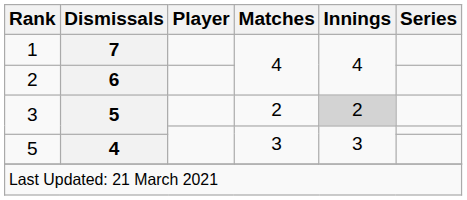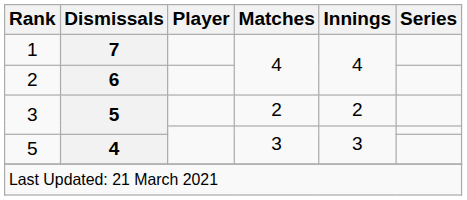 <table class="wikitable plainrowheaders sortable">
 <tr>
 <th scope=col>Rank</th>
 <th scope=col>Dismissals</th>
 <th scope=col>Player</th>
 <th scope=col>Matches</th>
 <th scope=col>Innings</th>
 <th scope=col>Series</th>
 </tr>
 <tr>
 <td align=center>1</td>
 <th scope=row style=text-align:center;>7</th>
 <td> </td>
 <td align=center rowspan=2>4</td>
 <td align=center rowspan=2>4</td>
 <td></td>
 </tr>
 <tr>
 <td align=center>2</td>
 <th scope=row style=text-align:center;>6</th>
 <td></td>
 <td></td>
 </tr>
 <tr>
 <td align=center rowspan=2>3</td>
 <th scope=row style=text-align:center; rowspan=2>5</th>
 <td></td>
 <td align=center>2</td>
-<td align=center style="background: lightgrey;">2</td>
+<td align=center>2</td>
 <td></td>
 </tr>
 <tr>
 <td rowspan=2> </td>
 <td rowspan=2 align=center>3</td>
 <td align=center rowspan=2>3</td>
 <td></td>
 </tr>
 <tr>
 <td align=center>5</td>
 <th scope=row style=text-align:center;>4</th>
 <td></td>
 </tr>
 <tr>
 </tr>
 <tr class=sortbottom>
 <td colspan=6><small>Last Updated: 21 March 2021</small></td>
 </tr>
 </table>
